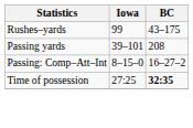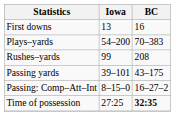 <table class="wikitable">
 <tr>
 <th>Statistics</th>
 <th>Iowa</th>
 <th>BC</th>
 </tr>
 <tr>
+<td>First downs</td>
+<td>13</td>
+<td>16</td>
+</tr>
+<tr>
+<td>Plays–yards</td>
+<td>54–200</td>
+<td>70–383</td>
+</tr>
+<tr>
 <td>Rushes–yards</td>
 <td>99</td>
-<td>43–175</td>
+<td>208</td>
 </tr>
 <tr>
 <td>Passing yards</td>
 <td>39–101</td>
-<td>208</td>
+<td>43–175</td>
 </tr>
 <tr>
 <td>Passing: Comp–Att–Int</td>
 <td>8–15–0</td>
 <td>16–27–2</td>
 </tr>
 <tr>
 <td>Time of possession</td>
 <td>27:25</td>
 <td><strong>32:35</strong></td>
 </tr>
 <tr>
 </tr>
 </table>
